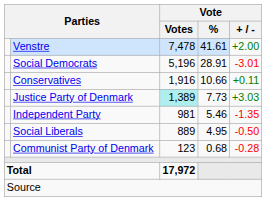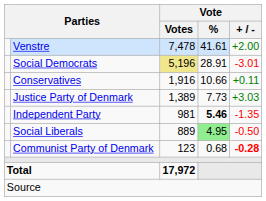 <table class="wikitable" style="text-align:right;">
 <tr>
 <th style="text-align:centre;" rowspan="2" colspan="2" width="225">Parties</th>
 <th colspan="3">Vote</th>
 </tr>
 <tr>
 <th width="15">Votes</th>
 <th width="15">%</th>
 <th width="15">+ / -</th>
 </tr>
 <tr>
 <td width="2" style="color:inherit;background:"></td>
 <td bgcolor=#cfe5fe  align="left"><a href='#'>Venstre</a></td>
 <td bgcolor=#cfe5fe>7,478</td>
 <td bgcolor=#cfe5fe>41.61</td>
 <td style=color:green;>+2.00</td>
 </tr>
 <tr>
 <td width="2" style="color:inherit;background:"></td>
 <td align="left"><a href='#'>Social Democrats</a></td>
-<td>5,196</td>
+<td style="background: khaki;">5,196</td>
 <td>28.91</td>
 <td style=color:red;>-3.01</td>
 </tr>
 <tr>
 <td width="2" style="color:inherit;background:"></td>
 <td align="left"><a href='#'>Conservatives</a></td>
 <td>1,916</td>
 <td>10.66</td>
 <td style=color:green;>+0.11</td>
 </tr>
 <tr>
 <td width="2" style="color:inherit;background:"></td>
 <td align="left"><a href='#'>Justice Party of Denmark</a></td>
-<td style="background: paleturquoise;">1,389</td>
+<td>1,389</td>
 <td>7.73</td>
 <td style=color:green;>+3.03</td>
 </tr>
 <tr>
 <td width="2" style="color:inherit;background:"></td>
 <td align="left"><a href='#'>Independent Party</a></td>
 <td>981</td>
-<td>5.46</td>
+<td><strong>5.46</strong></td>
 <td style=color:red;>-1.35</td>
 </tr>
 <tr>
 <td width="2" style="color:inherit;background:"></td>
 <td align="left"><a href='#'>Social Liberals</a></td>
 <td>889</td>
-<td>4.95</td>
+<td style="background: lightgreen;">4.95</td>
 <td style=color:red;>-0.50</td>
 </tr>
 <tr>
 <td width="2" style="color:inherit;background:"></td>
 <td align="left"><a href='#'>Communist Party of Denmark</a></td>
 <td>123</td>
 <td>0.68</td>
-<td style=color:red;>-0.28</td>
+<td style=color:red;><strong>-0.28</strong></td>
 </tr>
 <tr>
 <td colspan="7" bgcolor="#E9E9E9"></td>
 </tr>
 <tr>
 <td align="left" colspan="2"><strong>Total</strong></td>
 <td><strong>17,972</strong></td>
 <td bgcolor="#E9E9E9" colspan="2"></td>
 </tr>
 <tr>
 <td align="left" colspan="6">Source</td>
 </tr>
 </table>
